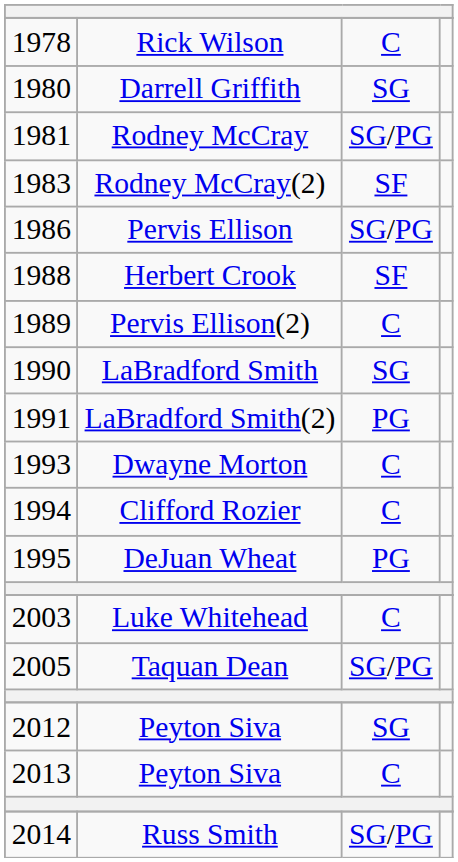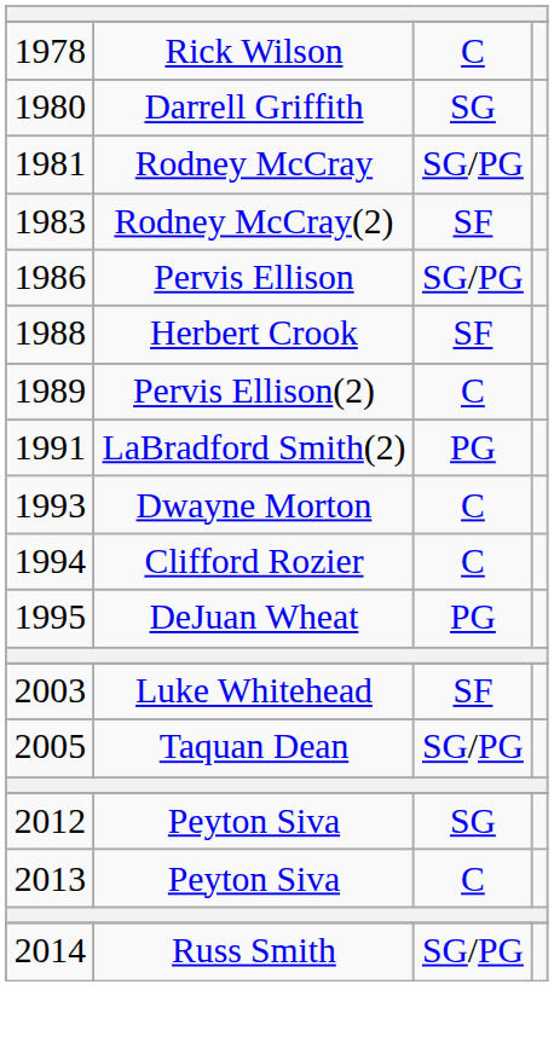 <table class= "wikitable">
 <tr style="text-align:center;">
 <th colspan="4"><a href='#'></a></th>
 </tr>
 <tr align=center>
 </tr>
 <tr style="text-align:center;">
 <td>1978</td>
 <td><a href='#'>Rick Wilson</a></td>
 <td><a href='#'>C</a></td>
 <td></td>
 </tr>
 <tr align=center>
 <td>1980</td>
 <td><a href='#'>Darrell Griffith</a></td>
 <td><a href='#'>SG</a></td>
 <td></td>
 </tr>
 <tr align=center>
 <td>1981</td>
 <td><a href='#'>Rodney McCray</a></td>
 <td><a href='#'>SG</a>/<a href='#'>PG</a></td>
 <td></td>
 </tr>
 <tr align=center>
 <td>1983</td>
 <td><a href='#'>Rodney McCray</a>(2)</td>
 <td><a href='#'>SF</a></td>
 <td></td>
 </tr>
 <tr align=center>
 <td>1986</td>
 <td><a href='#'>Pervis Ellison</a></td>
 <td><a href='#'>SG</a>/<a href='#'>PG</a></td>
 <td></td>
 </tr>
 <tr align=center>
 <td>1988</td>
 <td><a href='#'>Herbert Crook</a></td>
 <td><a href='#'>SF</a></td>
 <td></td>
 </tr>
 <tr align=center>
 <td>1989</td>
 <td><a href='#'>Pervis Ellison</a>(2)</td>
 <td><a href='#'>C</a></td>
 <td></td>
 </tr>
 <tr align=center>
-<td>1990</td>
-<td><a href='#'>LaBradford Smith</a></td>
-<td><a href='#'>SG</a></td>
-<td></td>
-</tr>
-<tr align=center>
 <td>1991</td>
 <td><a href='#'>LaBradford Smith</a>(2)</td>
 <td><a href='#'>PG</a></td>
 <td></td>
 </tr>
 <tr align=center>
 <td>1993</td>
 <td><a href='#'>Dwayne Morton</a></td>
 <td><a href='#'>C</a></td>
 <td></td>
 </tr>
 <tr align=center>
 <td>1994</td>
 <td><a href='#'>Clifford Rozier</a></td>
 <td><a href='#'>C</a></td>
 <td></td>
 </tr>
 <tr align=center>
 <td>1995</td>
 <td><a href='#'>DeJuan Wheat</a></td>
 <td><a href='#'>PG</a></td>
 <td></td>
 </tr>
 <tr align=center>
 <th colspan="4"><a href='#'></a></th>
 </tr>
 <tr align=center>
 </tr>
 <tr align=center>
 <td>2003</td>
 <td><a href='#'>Luke Whitehead</a></td>
-<td><a href='#'>C</a></td>
+<td><a href='#'>SF</a></td>
 <td></td>
 </tr>
 <tr align=center>
 <td>2005</td>
 <td><a href='#'>Taquan Dean</a></td>
 <td><a href='#'>SG</a>/<a href='#'>PG</a></td>
 <td></td>
 </tr>
 <tr align=center>
 <th colspan="4"><a href='#'></a></th>
 </tr>
 <tr align=center>
 </tr>
 <tr align=center>
 <td>2012</td>
 <td><a href='#'>Peyton Siva</a></td>
 <td><a href='#'>SG</a></td>
 <td></td>
 </tr>
 <tr align=center>
 <td>2013</td>
 <td><a href='#'>Peyton Siva</a></td>
 <td><a href='#'>C</a></td>
 <td></td>
 </tr>
 <tr align=center>
 <th colspan="4"><a href='#'></a></th>
 </tr>
 <tr align=center>
 </tr>
 <tr align=center>
 <td>2014</td>
 <td><a href='#'>Russ Smith</a></td>
 <td><a href='#'>SG</a>/<a href='#'>PG</a></td>
 <td></td>
 </tr>
 </table>
